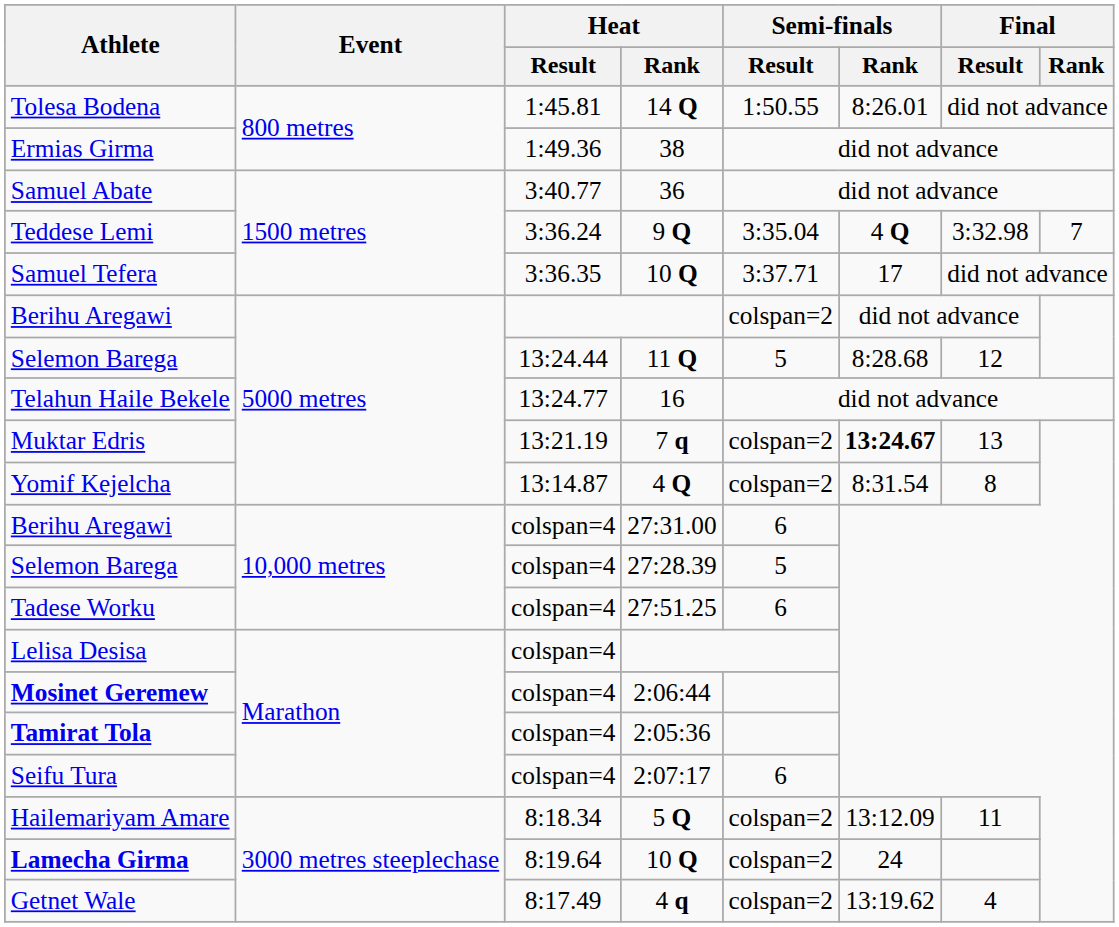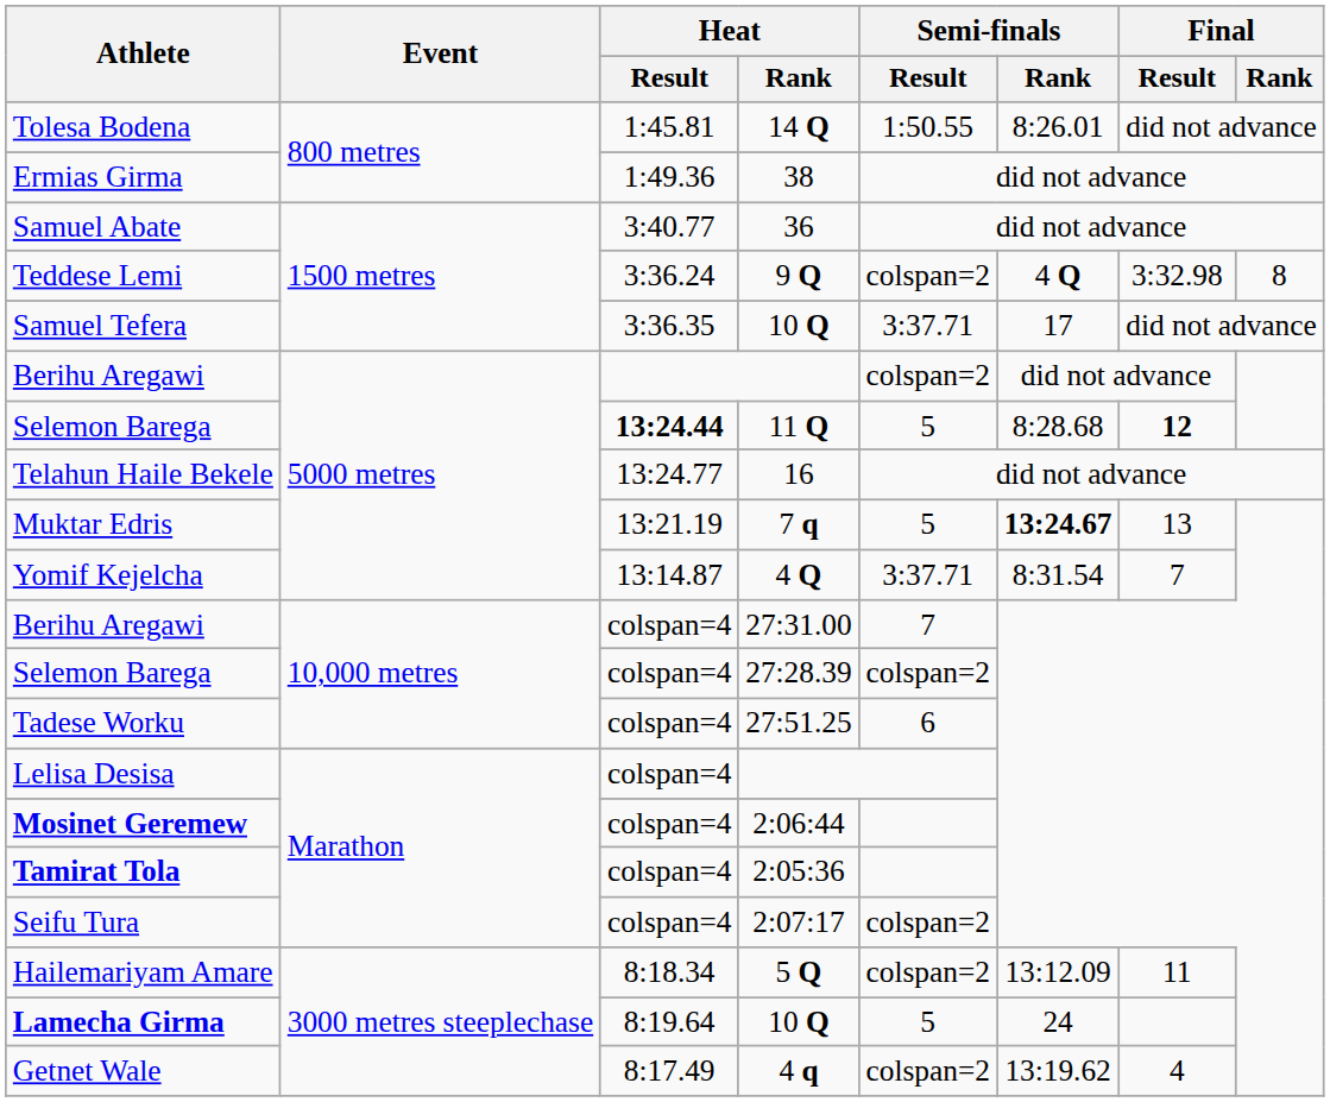 <table class=wikitable style=font-size:90%>
 <tr>
 <th rowspan=2>Athlete</th>
 <th rowspan=2>Event</th>
 <th colspan=2>Heat</th>
 <th colspan=2>Semi-finals</th>
 <th colspan=2>Final</th>
 </tr>
 <tr style=font-size:95%>
 <th>Result</th>
 <th>Rank</th>
 <th>Result</th>
 <th>Rank</th>
 <th>Result</th>
 <th>Rank</th>
 </tr>
 <tr align=center>
 <td align=left><a href='#'>Tolesa Bodena</a></td>
 <td align=left rowspan=2><a href='#'>800 metres</a></td>
 <td>1:45.81</td>
 <td>14 <strong>Q</strong></td>
 <td>1:50.55</td>
 <td>8:26.01</td>
 <td colspan=2>did not advance</td>
 </tr>
 <tr align=center>
 <td align=left><a href='#'>Ermias Girma</a></td>
 <td>1:49.36</td>
 <td>38</td>
 <td colspan=4>did not advance</td>
 </tr>
 <tr align=center>
 <td align=left><a href='#'>Samuel Abate</a></td>
 <td align=left rowspan=3><a href='#'>1500 metres</a></td>
 <td>3:40.77</td>
 <td>36</td>
 <td colspan=4>did not advance</td>
 </tr>
 <tr align=center>
 <td align=left><a href='#'>Teddese Lemi</a></td>
 <td>3:36.24</td>
 <td>9 <strong>Q</strong></td>
-<td>3:35.04</td>
+<td>colspan=2</td>
 <td>4 <strong>Q</strong></td>
 <td>3:32.98</td>
-<td>7</td>
+<td>8</td>
 </tr>
 <tr align=center>
 <td align=left><a href='#'>Samuel Tefera</a></td>
 <td>3:36.35</td>
 <td>10 <strong>Q</strong></td>
 <td>3:37.71</td>
 <td>17</td>
 <td colspan=2>did not advance</td>
 </tr>
 <tr align=center>
 <td align=left><a href='#'>Berihu Aregawi</a></td>
 <td align=left rowspan=5><a href='#'>5000 metres</a></td>
 <td colspan=2></td>
 <td>colspan=2</td>
 <td colspan=2>did not advance</td>
 </tr>
 <tr align=center>
 <td align=left><a href='#'>Selemon Barega</a></td>
-<td>13:24.44</td>
+<td><strong>13:24.44</strong></td>
 <td>11 <strong>Q</strong></td>
 <td>5</td>
 <td>8:28.68</td>
-<td>12</td>
+<td><strong>12</strong></td>
 </tr>
 <tr align=center>
 <td align=left><a href='#'>Telahun Haile Bekele</a></td>
 <td>13:24.77</td>
 <td>16</td>
 <td colspan=4>did not advance</td>
 </tr>
 <tr align=center>
 <td align=left><a href='#'>Muktar Edris</a></td>
 <td>13:21.19</td>
 <td>7 <strong>q</strong></td>
-<td>colspan=2</td>
+<td>5</td>
 <td><strong>13:24.67</strong></td>
 <td>13</td>
 </tr>
 <tr align=center>
 <td align=left><a href='#'>Yomif Kejelcha</a></td>
 <td>13:14.87</td>
 <td>4 <strong>Q</strong></td>
-<td>colspan=2</td>
+<td>3:37.71</td>
 <td>8:31.54</td>
-<td>8</td>
+<td>7</td>
 </tr>
 <tr align=center>
 <td align=left><a href='#'>Berihu Aregawi</a></td>
 <td align=left rowspan=3><a href='#'>10,000 metres</a></td>
 <td>colspan=4</td>
 <td>27:31.00</td>
-<td>6</td>
+<td>7</td>
 </tr>
 <tr align=center>
 <td align=left><a href='#'>Selemon Barega</a></td>
 <td>colspan=4</td>
 <td>27:28.39</td>
-<td>5</td>
+<td>colspan=2</td>
 </tr>
 <tr align=center>
 <td align=left><a href='#'>Tadese Worku</a></td>
 <td>colspan=4</td>
 <td>27:51.25</td>
 <td>6</td>
 </tr>
 <tr align=center>
 <td align=left><a href='#'>Lelisa Desisa</a></td>
 <td align=left rowspan=4><a href='#'>Marathon</a></td>
 <td>colspan=4</td>
 <td colspan="2"></td>
 </tr>
 <tr align=center>
 <td align=left><strong><a href='#'>Mosinet Geremew</a></strong></td>
 <td>colspan=4</td>
 <td>2:06:44</td>
 <td></td>
 </tr>
 <tr align=center>
 <td align=left><strong><a href='#'>Tamirat Tola</a></strong></td>
 <td>colspan=4</td>
 <td>2:05:36 <strong></strong></td>
 <td></td>
 </tr>
 <tr align=center>
 <td align=left><a href='#'>Seifu Tura</a></td>
 <td>colspan=4</td>
 <td>2:07:17</td>
-<td>6</td>
+<td>colspan=2</td>
 </tr>
 <tr align=center>
 <td align=left><a href='#'>Hailemariyam Amare</a></td>
 <td align=left rowspan=3><a href='#'>3000 metres steeplechase</a></td>
 <td>8:18.34</td>
 <td>5 <strong>Q</strong></td>
 <td>colspan=2</td>
 <td>13:12.09</td>
 <td>11</td>
 </tr>
 <tr align=center>
 <td align=left><strong><a href='#'>Lamecha Girma</a></strong></td>
 <td>8:19.64</td>
 <td>10 <strong>Q</strong></td>
-<td>colspan=2</td>
+<td>5</td>
 <td>24</td>
 <td></td>
 </tr>
 <tr align=center>
 <td align=left><a href='#'>Getnet Wale</a></td>
 <td>8:17.49</td>
 <td>4 <strong>q</strong></td>
 <td>colspan=2</td>
 <td>13:19.62</td>
 <td>4</td>
 </tr>
 </table>
